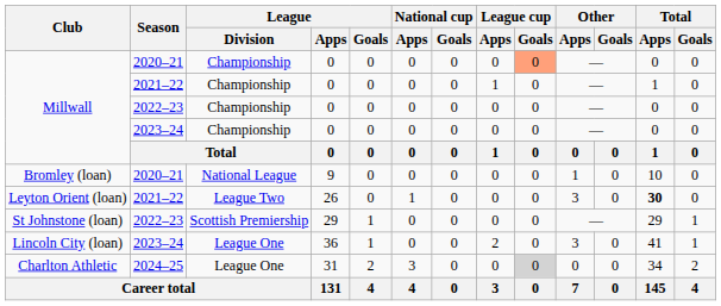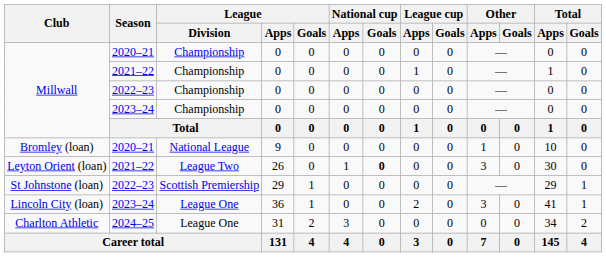 <table class="wikitable" style="text-align: center;">
 <tr>
 <th rowspan="2">Club</th>
 <th rowspan="2">Season</th>
 <th colspan="3">League</th>
 <th colspan="2">National cup</th>
 <th colspan="2">League cup</th>
 <th colspan="2">Other</th>
 <th colspan="2">Total</th>
 </tr>
 <tr>
 <th>Division</th>
 <th>Apps</th>
 <th>Goals</th>
 <th>Apps</th>
 <th>Goals</th>
 <th>Apps</th>
 <th>Goals</th>
 <th>Apps</th>
 <th>Goals</th>
 <th>Apps</th>
 <th>Goals</th>
 </tr>
 <tr>
 <td rowspan="5"><a href='#'>Millwall</a></td>
 <td><a href='#'>2020–21</a></td>
 <td><a href='#'>Championship</a></td>
 <td>0</td>
 <td>0</td>
 <td>0</td>
 <td>0</td>
 <td>0</td>
-<td style="background: lightsalmon;">0</td>
+<td>0</td>
 <td colspan="2">—</td>
 <td>0</td>
 <td>0</td>
 </tr>
 <tr>
 <td><a href='#'>2021–22</a></td>
 <td>Championship</td>
 <td>0</td>
 <td>0</td>
 <td>0</td>
 <td>0</td>
 <td>1</td>
 <td>0</td>
 <td colspan="2">—</td>
 <td>1</td>
 <td>0</td>
 </tr>
 <tr>
 <td><a href='#'>2022–23</a></td>
 <td>Championship</td>
 <td>0</td>
 <td>0</td>
 <td>0</td>
 <td>0</td>
 <td>0</td>
 <td>0</td>
 <td colspan="2">—</td>
 <td>0</td>
 <td>0</td>
 </tr>
 <tr>
 <td><a href='#'>2023–24</a></td>
 <td>Championship</td>
 <td>0</td>
 <td>0</td>
 <td>0</td>
 <td>0</td>
 <td>0</td>
 <td>0</td>
 <td colspan="2">—</td>
 <td>0</td>
 <td>0</td>
 </tr>
 <tr>
 <th colspan="2">Total</th>
 <th>0</th>
 <th>0</th>
 <th>0</th>
 <th>0</th>
 <th>1</th>
 <th>0</th>
 <th>0</th>
 <th>0</th>
 <th>1</th>
 <th>0</th>
 </tr>
 <tr>
 <td><a href='#'>Bromley</a> (loan)</td>
 <td><a href='#'>2020–21</a></td>
 <td><a href='#'>National League</a></td>
 <td>9</td>
 <td>0</td>
 <td>0</td>
 <td>0</td>
 <td>0</td>
 <td>0</td>
 <td>1</td>
 <td>0</td>
 <td>10</td>
 <td>0</td>
 </tr>
 <tr>
 <td><a href='#'>Leyton Orient</a> (loan)</td>
 <td><a href='#'>2021–22</a></td>
 <td><a href='#'>League Two</a></td>
 <td>26</td>
 <td>0</td>
 <td>1</td>
-<td>0</td>
+<td><strong>0</strong></td>
 <td>0</td>
 <td>0</td>
 <td>3</td>
 <td>0</td>
-<td><strong>30</strong></td>
+<td>30</td>
 <td>0</td>
 </tr>
 <tr>
 <td><a href='#'>St Johnstone</a> (loan)</td>
 <td><a href='#'>2022–23</a></td>
 <td><a href='#'>Scottish Premiership</a></td>
 <td>29</td>
 <td>1</td>
 <td>0</td>
 <td>0</td>
 <td>0</td>
 <td>0</td>
 <td colspan="2">—</td>
 <td>29</td>
 <td>1</td>
 </tr>
 <tr>
 <td><a href='#'>Lincoln City</a> (loan)</td>
 <td><a href='#'>2023–24</a></td>
 <td><a href='#'>League One</a></td>
 <td>36</td>
 <td>1</td>
 <td>0</td>
 <td>0</td>
 <td>2</td>
 <td>0</td>
 <td>3</td>
 <td>0</td>
 <td>41</td>
 <td>1</td>
 </tr>
 <tr>
 <td><a href='#'>Charlton Athletic</a></td>
 <td><a href='#'>2024–25</a></td>
 <td>League One</td>
 <td>31</td>
 <td>2</td>
 <td>3</td>
 <td>0</td>
 <td>0</td>
-<td style="background: lightgrey;">0</td>
+<td>0</td>
 <td>0</td>
 <td>0</td>
 <td>34</td>
 <td>2</td>
 </tr>
 <tr>
 <th colspan="3">Career total</th>
 <th>131</th>
 <th>4</th>
 <th>4</th>
 <th>0</th>
 <th>3</th>
 <th>0</th>
 <th>7</th>
 <th>0</th>
 <th>145</th>
 <th>4</th>
 </tr>
 </table>
